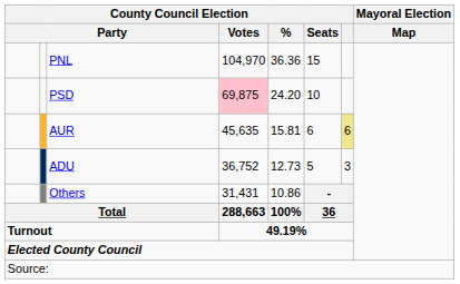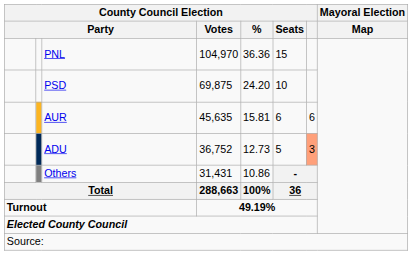 <table class="wikitable" style="text-align:left">
 <tr>
 <th colspan="7">County Council Election</th>
 <th>Mayoral Election</th>
 </tr>
 <tr>
 <th colspan="3" width="280">Party</th>
 <th>Votes</th>
 <th>%</th>
 <th>Seats</th>
 <th></th>
 <th>Map</th>
 </tr>
 <tr>
 <td width="40" height="40"></td>
 <td width="1" style="color:inherit;background:"></td>
 <td align="left"><a href='#'>PNL</a></td>
 <td>104,970</td>
 <td>36.36</td>
 <td>15</td>
 <td></td>
 <td rowspan="8"></td>
 </tr>
 <tr>
 <td height="40"></td>
 <td style="color:inherit;background:"></td>
 <td align="left"><a href='#'>PSD</a></td>
-<td style="background: pink;">69,875</td>
+<td>69,875</td>
 <td>24.20</td>
 <td>10</td>
 <td></td>
 </tr>
 <tr>
 <td height="40"></td>
 <td style="background:#FCB521;"></td>
 <td align="left"><a href='#'>AUR</a></td>
 <td>45,635</td>
 <td>15.81</td>
 <td>6</td>
-<td style="background: khaki;">6</td>
+<td>6</td>
 </tr>
 <tr>
 <td height="40"></td>
 <td style="background:#002A59;"></td>
 <td align="left"><a href='#'>ADU</a></td>
 <td>36,752</td>
 <td>12.73</td>
 <td>5</td>
-<td>3</td>
+<td style="background: lightsalmon;">3</td>
 </tr>
 <tr>
 <td></td>
 <td style="background-color:Grey "></td>
 <td align="left"><a href='#'>Others</a></td>
 <td>31,431</td>
 <td>10.86</td>
 <th colspan="2">-</th>
 </tr>
 <tr>
 <th colspan="3"><strong><u>Total</u></strong></th>
 <th style="text-align:left">288,663</th>
 <th style="text-align:left">100%</th>
 <th colspan="2"><strong><u>36</u></strong></th>
 </tr>
 <tr>
 <td colspan="3"><strong>Turnout</strong></td>
 <td colspan="4" style="text-align: center"><strong>49.19%</strong></td>
 </tr>
 <tr>
 <td colspan="7"><strong><em>Elected County Council</em></strong></td>
 </tr>
 <tr>
 <td colspan="8">Source: </td>
 </tr>
 </table>
